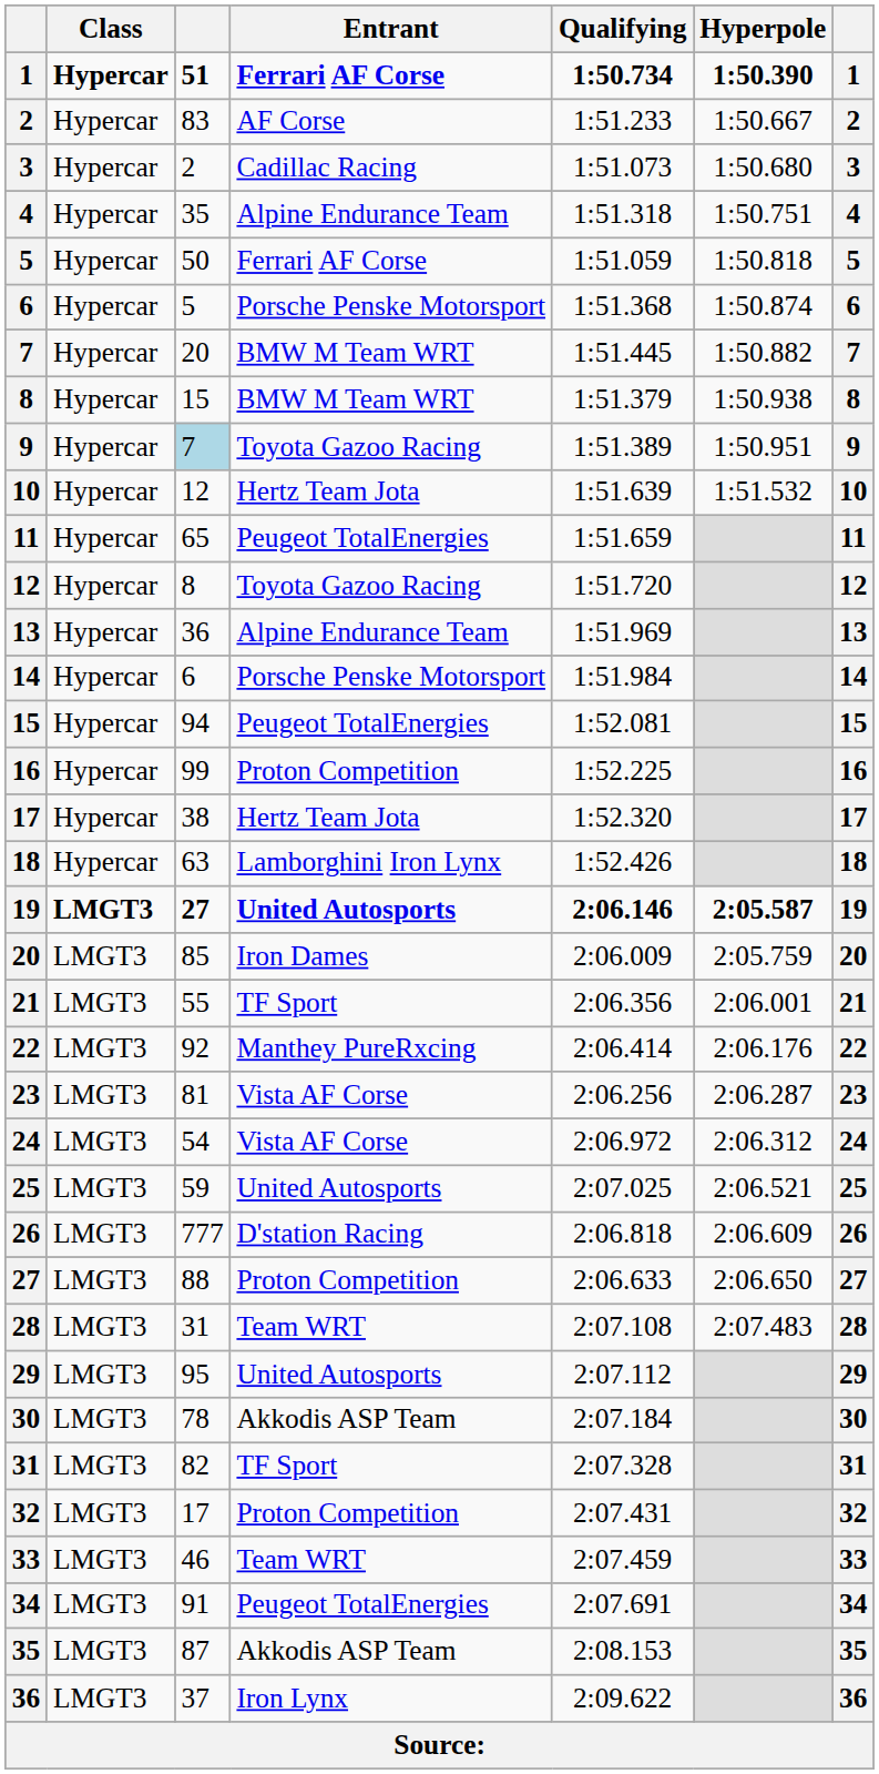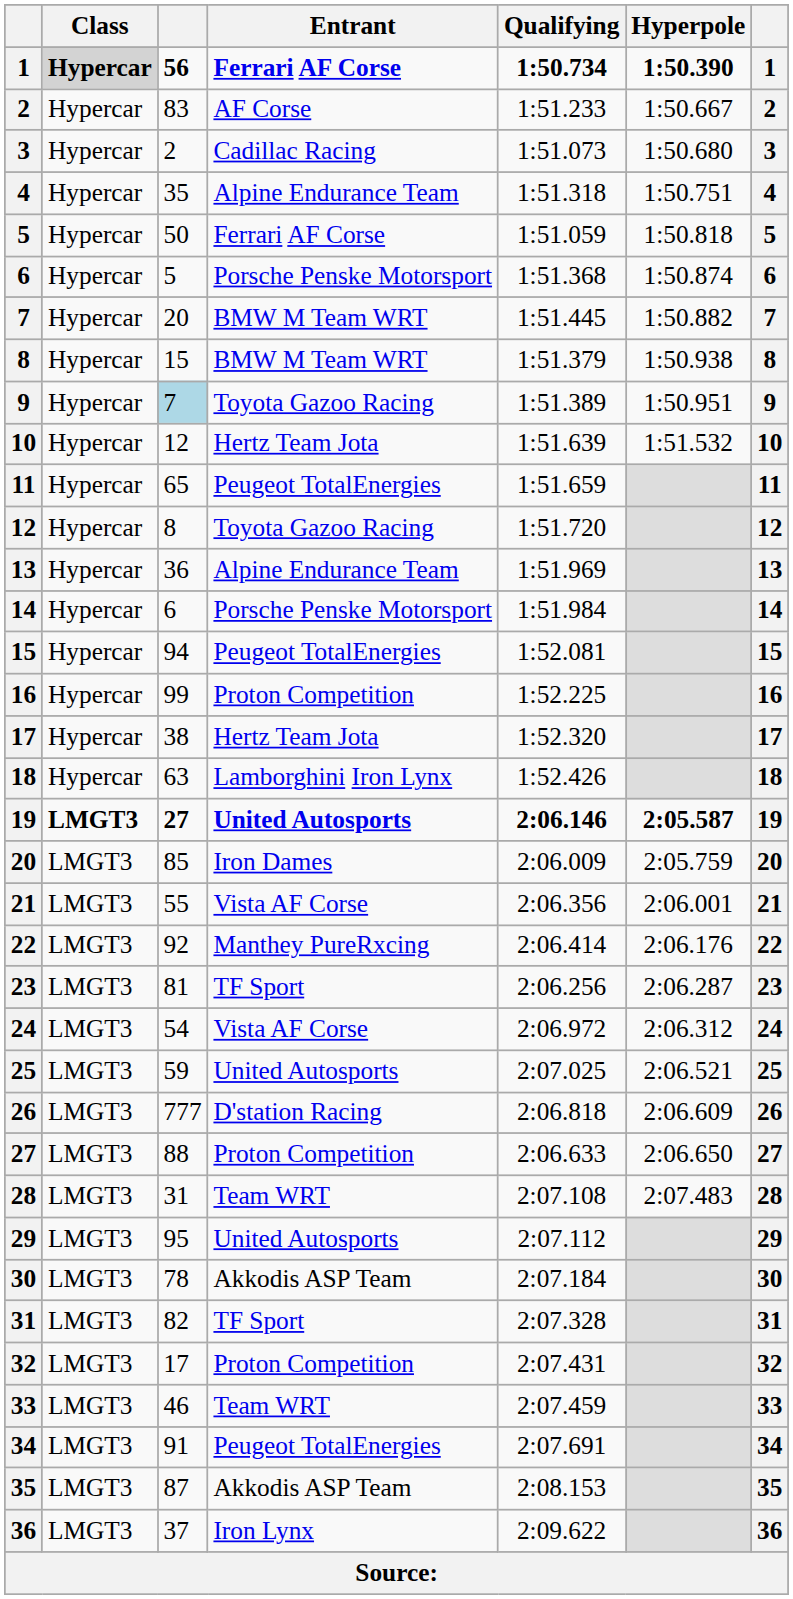 <table class="wikitable sortable" style="font-size:90%;">
 <tr>
 <th></th>
 <th>Class</th>
 <th></th>
 <th>Entrant</th>
 <th>Qualifying</th>
 <th>Hyperpole</th>
 <th></th>
 </tr>
 <tr style="font-weight:bold">
 <th>1</th>
-<td>Hypercar</td>
-<td>51</td>
+<td style="background: lightgrey;">Hypercar</td>
+<td>56</td>
 <td> <a href='#'>Ferrari</a> <a href='#'>AF Corse</a></td>
 <td style="text-align:center;">1:50.734</td>
 <td style="text-align:center;">1:50.390</td>
 <th>1</th>
 </tr>
 <tr>
 <th>2</th>
 <td>Hypercar</td>
 <td>83</td>
 <td> <a href='#'>AF Corse</a></td>
 <td style="text-align:center;">1:51.233</td>
 <td style="text-align:center;">1:50.667</td>
 <th>2</th>
 </tr>
 <tr>
 <th>3</th>
 <td>Hypercar</td>
 <td>2</td>
 <td> <a href='#'>Cadillac Racing</a></td>
 <td style="text-align:center;">1:51.073</td>
 <td style="text-align:center;">1:50.680</td>
 <th>3</th>
 </tr>
 <tr>
 <th>4</th>
 <td>Hypercar</td>
 <td>35</td>
 <td> <a href='#'>Alpine Endurance Team</a></td>
 <td style="text-align:center;">1:51.318</td>
 <td style="text-align:center;">1:50.751</td>
 <th>4</th>
 </tr>
 <tr>
 <th>5</th>
 <td>Hypercar</td>
 <td>50</td>
 <td> <a href='#'>Ferrari</a> <a href='#'>AF Corse</a></td>
 <td style="text-align:center;">1:51.059</td>
 <td style="text-align:center;">1:50.818</td>
 <th>5</th>
 </tr>
 <tr>
 <th>6</th>
 <td>Hypercar</td>
 <td>5</td>
 <td> <a href='#'>Porsche Penske Motorsport</a></td>
 <td style="text-align:center;">1:51.368</td>
 <td style="text-align:center;">1:50.874</td>
 <th>6</th>
 </tr>
 <tr>
 <th>7</th>
 <td>Hypercar</td>
 <td>20</td>
 <td> <a href='#'>BMW M Team WRT</a></td>
 <td style="text-align:center;">1:51.445</td>
 <td style="text-align:center;">1:50.882</td>
 <th>7</th>
 </tr>
 <tr>
 <th>8</th>
 <td>Hypercar</td>
 <td>15</td>
 <td> <a href='#'>BMW M Team WRT</a></td>
 <td style="text-align:center;">1:51.379</td>
 <td style="text-align:center;">1:50.938</td>
 <th>8</th>
 </tr>
 <tr>
 <th>9</th>
 <td>Hypercar</td>
 <td style="background: lightblue;">7</td>
 <td> <a href='#'>Toyota Gazoo Racing</a></td>
 <td style="text-align:center;">1:51.389</td>
 <td style="text-align:center;">1:50.951</td>
 <th>9</th>
 </tr>
 <tr>
 <th>10</th>
 <td>Hypercar</td>
 <td>12</td>
 <td> <a href='#'>Hertz Team Jota</a></td>
 <td style="text-align:center;">1:51.639</td>
 <td style="text-align:center;">1:51.532</td>
 <th>10</th>
 </tr>
 <tr>
 <th>11</th>
 <td>Hypercar</td>
 <td>65</td>
 <td> <a href='#'>Peugeot TotalEnergies</a></td>
 <td style="text-align:center;">1:51.659</td>
 <td style="text-align:center; background:#ddd;"></td>
 <th>11</th>
 </tr>
 <tr>
 <th>12</th>
 <td>Hypercar</td>
 <td>8</td>
 <td> <a href='#'>Toyota Gazoo Racing</a></td>
 <td style="text-align:center;">1:51.720</td>
 <td style="text-align:center; background:#ddd;"></td>
 <th>12</th>
 </tr>
 <tr>
 <th>13</th>
 <td>Hypercar</td>
 <td>36</td>
 <td> <a href='#'>Alpine Endurance Team</a></td>
 <td style="text-align:center;">1:51.969</td>
 <td style="text-align:center; background:#ddd;"></td>
 <th>13</th>
 </tr>
 <tr>
 <th>14</th>
 <td>Hypercar</td>
 <td>6</td>
 <td> <a href='#'>Porsche Penske Motorsport</a></td>
 <td style="text-align:center;">1:51.984</td>
 <td style="text-align:center; background:#ddd;"></td>
 <th>14</th>
 </tr>
 <tr>
 <th>15</th>
 <td>Hypercar</td>
 <td>94</td>
 <td> <a href='#'>Peugeot TotalEnergies</a></td>
 <td style="text-align:center;">1:52.081</td>
 <td style="text-align:center; background:#ddd;"></td>
 <th>15</th>
 </tr>
 <tr>
 <th>16</th>
 <td>Hypercar</td>
 <td>99</td>
 <td> <a href='#'>Proton Competition</a></td>
 <td style="text-align:center;">1:52.225</td>
 <td style="text-align:center; background:#ddd;"></td>
 <th>16</th>
 </tr>
 <tr>
 <th>17</th>
 <td>Hypercar</td>
 <td>38</td>
 <td> <a href='#'>Hertz Team Jota</a></td>
 <td style="text-align:center;">1:52.320</td>
 <td style="text-align:center; background:#ddd;"></td>
 <th>17</th>
 </tr>
 <tr>
 <th>18</th>
 <td>Hypercar</td>
 <td>63</td>
 <td> <a href='#'>Lamborghini</a> <a href='#'>Iron Lynx</a></td>
 <td style="text-align:center;">1:52.426</td>
 <td style="text-align:center; background:#ddd;"></td>
 <th>18</th>
 </tr>
 <tr style="font-weight:bold">
 <th>19</th>
 <td>LMGT3</td>
 <td>27</td>
 <td> <a href='#'>United Autosports</a></td>
 <td style="text-align:center;">2:06.146</td>
 <td style="text-align:center;">2:05.587</td>
 <th>19</th>
 </tr>
 <tr>
 <th>20</th>
 <td>LMGT3</td>
 <td>85</td>
 <td> <a href='#'>Iron Dames</a></td>
 <td style="text-align:center;">2:06.009</td>
 <td style="text-align:center;">2:05.759</td>
 <th>20</th>
 </tr>
 <tr>
 <th>21</th>
 <td>LMGT3</td>
 <td>55</td>
-<td> <a href='#'>TF Sport</a></td>
+<td> <a href='#'>Vista AF Corse</a></td>
 <td style="text-align:center;">2:06.356</td>
 <td style="text-align:center;">2:06.001</td>
 <th>21</th>
 </tr>
 <tr>
 <th>22</th>
 <td>LMGT3</td>
 <td>92</td>
 <td> <a href='#'>Manthey PureRxcing</a></td>
 <td style="text-align:center;">2:06.414</td>
 <td style="text-align:center;">2:06.176</td>
 <th>22</th>
 </tr>
 <tr>
 <th>23</th>
 <td>LMGT3</td>
 <td>81</td>
-<td> <a href='#'>Vista AF Corse</a></td>
+<td> <a href='#'>TF Sport</a></td>
 <td style="text-align:center;">2:06.256</td>
 <td style="text-align:center;">2:06.287</td>
 <th>23</th>
 </tr>
 <tr>
 <th>24</th>
 <td>LMGT3</td>
 <td>54</td>
 <td> <a href='#'>Vista AF Corse</a></td>
 <td style="text-align:center;">2:06.972</td>
 <td style="text-align:center;">2:06.312</td>
 <th>24</th>
 </tr>
 <tr>
 <th>25</th>
 <td>LMGT3</td>
 <td>59</td>
 <td> <a href='#'>United Autosports</a></td>
 <td style="text-align:center;">2:07.025</td>
 <td style="text-align:center;">2:06.521</td>
 <th>25</th>
 </tr>
 <tr>
 <th>26</th>
 <td>LMGT3</td>
 <td>777</td>
 <td> <a href='#'>D'station Racing</a></td>
 <td style="text-align:center;">2:06.818</td>
 <td style="text-align:center;">2:06.609</td>
 <th>26</th>
 </tr>
 <tr>
 <th>27</th>
 <td>LMGT3</td>
 <td>88</td>
 <td> <a href='#'>Proton Competition</a></td>
 <td style="text-align:center;">2:06.633</td>
 <td style="text-align:center;">2:06.650</td>
 <th>27</th>
 </tr>
 <tr>
 <th>28</th>
 <td>LMGT3</td>
 <td>31</td>
 <td> <a href='#'>Team WRT</a></td>
 <td style="text-align:center;">2:07.108</td>
 <td style="text-align:center;">2:07.483</td>
 <th>28</th>
 </tr>
 <tr>
 <th>29</th>
 <td>LMGT3</td>
 <td>95</td>
 <td> <a href='#'>United Autosports</a></td>
 <td style="text-align:center;">2:07.112</td>
 <td style="text-align:center; background:#ddd;"></td>
 <th>29</th>
 </tr>
 <tr>
 <th>30</th>
 <td>LMGT3</td>
 <td>78</td>
 <td> Akkodis ASP Team</td>
 <td style="text-align:center;">2:07.184</td>
 <td style="text-align:center; background:#ddd;"></td>
 <th>30</th>
 </tr>
 <tr>
 <th>31</th>
 <td>LMGT3</td>
 <td>82</td>
 <td> <a href='#'>TF Sport</a></td>
 <td style="text-align:center;">2:07.328</td>
 <td style="text-align:center; background:#ddd;"></td>
 <th>31</th>
 </tr>
 <tr>
 <th>32</th>
 <td>LMGT3</td>
 <td>17</td>
 <td> <a href='#'>Proton Competition</a></td>
 <td style="text-align:center;">2:07.431</td>
 <td style="text-align:center; background:#ddd;"></td>
 <th>32</th>
 </tr>
 <tr>
 <th>33</th>
 <td>LMGT3</td>
 <td>46</td>
 <td> <a href='#'>Team WRT</a></td>
 <td style="text-align:center;">2:07.459</td>
 <td style="text-align:center; background:#ddd;"></td>
 <th>33</th>
 </tr>
 <tr>
 <th>34</th>
 <td>LMGT3</td>
 <td>91</td>
 <td> <a href='#'>Peugeot TotalEnergies</a></td>
 <td style="text-align:center;">2:07.691</td>
 <td style="text-align:center; background:#ddd;"></td>
 <th>34</th>
 </tr>
 <tr>
 <th>35</th>
 <td>LMGT3</td>
 <td>87</td>
 <td> Akkodis ASP Team</td>
 <td style="text-align:center;">2:08.153</td>
 <td style="text-align:center; background:#ddd;"></td>
 <th>35</th>
 </tr>
 <tr>
 <th>36</th>
 <td>LMGT3</td>
 <td>37</td>
 <td> <a href='#'>Iron Lynx</a></td>
 <td style="text-align:center;">2:09.622</td>
 <td style="text-align:center; background:#ddd;"></td>
 <th>36</th>
 </tr>
 <tr>
 <th colspan="7">Source:</th>
 </tr>
 </table>
